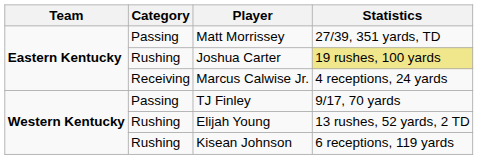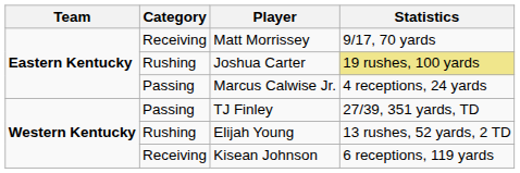 <table class="wikitable" style="float: right;">
 <tr>
 <th>Team</th>
 <th>Category</th>
 <th>Player</th>
 <th>Statistics</th>
 </tr>
 <tr>
 <td rowspan=3><strong>Eastern Kentucky</strong></td>
-<td>Passing</td>
+<td>Receiving</td>
 <td>Matt Morrissey</td>
-<td>27/39, 351 yards, TD</td>
+<td>9/17, 70 yards</td>
 </tr>
 <tr>
 <td>Rushing</td>
 <td>Joshua Carter</td>
 <td style="background: khaki;">19 rushes, 100 yards</td>
 </tr>
 <tr>
-<td>Receiving</td>
+<td>Passing</td>
 <td>Marcus Calwise Jr.</td>
 <td>4 receptions, 24 yards</td>
 </tr>
 <tr>
 <td rowspan=3><strong>Western Kentucky</strong></td>
 <td>Passing</td>
 <td>TJ Finley</td>
-<td>9/17, 70 yards</td>
+<td>27/39, 351 yards, TD</td>
 </tr>
 <tr>
 <td>Rushing</td>
 <td>Elijah Young</td>
 <td>13 rushes, 52 yards, 2 TD</td>
 </tr>
 <tr>
-<td>Rushing</td>
+<td>Receiving</td>
 <td>Kisean Johnson</td>
 <td>6 receptions, 119 yards</td>
 </tr>
 </table>
